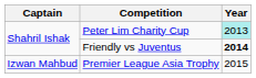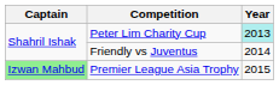 <table class="wikitable">
 <tr>
 <th>Captain</th>
 <th>Competition</th>
 <th>Year</th>
 </tr>
 <tr>
 <td rowspan="2"> <a href='#'>Shahril Ishak</a></td>
 <td><a href='#'>Peter Lim Charity Cup</a></td>
 <td style="background: paleturquoise;">2013</td>
 </tr>
 <tr>
 <td>Friendly vs <a href='#'>Juventus</a></td>
-<td><strong>2014</strong></td>
+<td>2014</td>
 </tr>
 <tr>
-<td> <a href='#'>Izwan Mahbud</a></td>
+<td style="background: lightgreen;"> <a href='#'>Izwan Mahbud</a></td>
 <td><a href='#'>Premier League Asia Trophy</a></td>
 <td>2015</td>
 </tr>
 </table>
